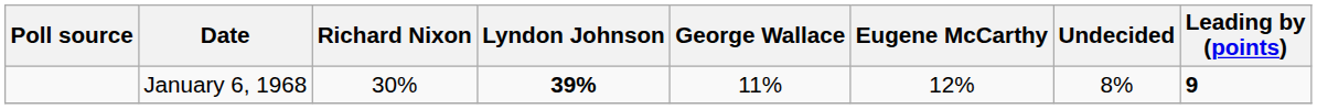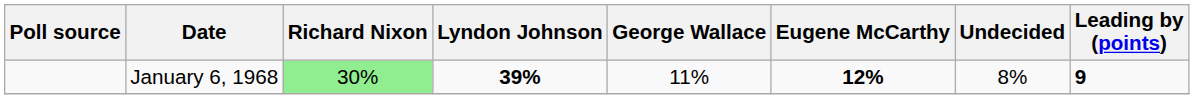 <table class="wikitable sortable">
 <tr>
 <th>Poll source</th>
 <th>Date</th>
 <th>Richard Nixon<br><small></small></th>
 <th>Lyndon Johnson<br><small></small></th>
 <th>George Wallace<br><small></small></th>
 <th>Eugene McCarthy<br><small></small></th>
 <th>Undecided</th>
 <th>Leading by<br>(<a href='#'>points</a>)</th>
 </tr>
 <tr>
 <td></td>
 <td>January 6, 1968</td>
-<td align="center">30%</td>
+<td align="center" style="background: lightgreen;">30%</td>
 <td align="center" ><strong>39%</strong></td>
 <td align="center">11%</td>
-<td align="center">12%</td>
+<td align="center"><strong>12%</strong></td>
 <td align="center">8%</td>
 <td><strong>9</strong></td>
 </tr>
 <tr>
 </tr>
 </table>
